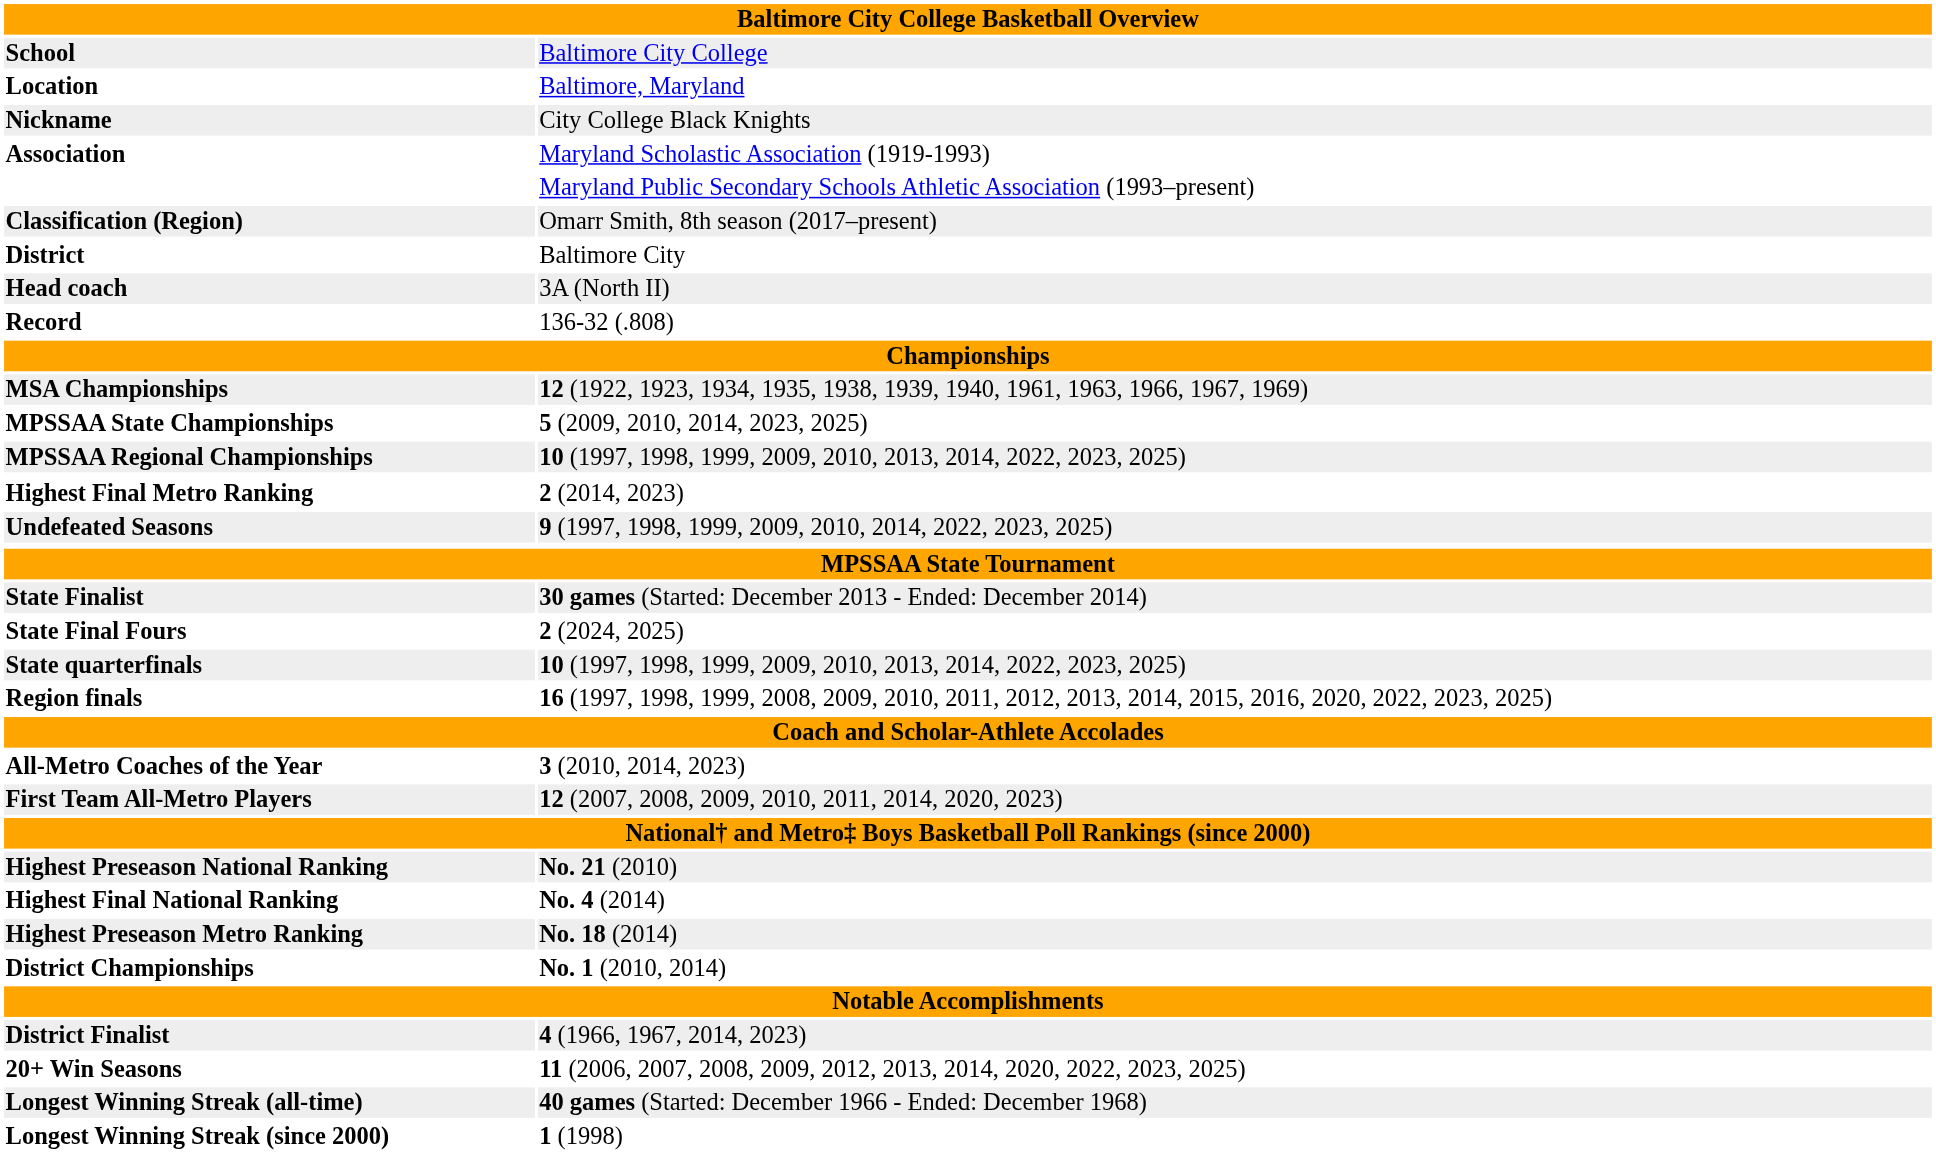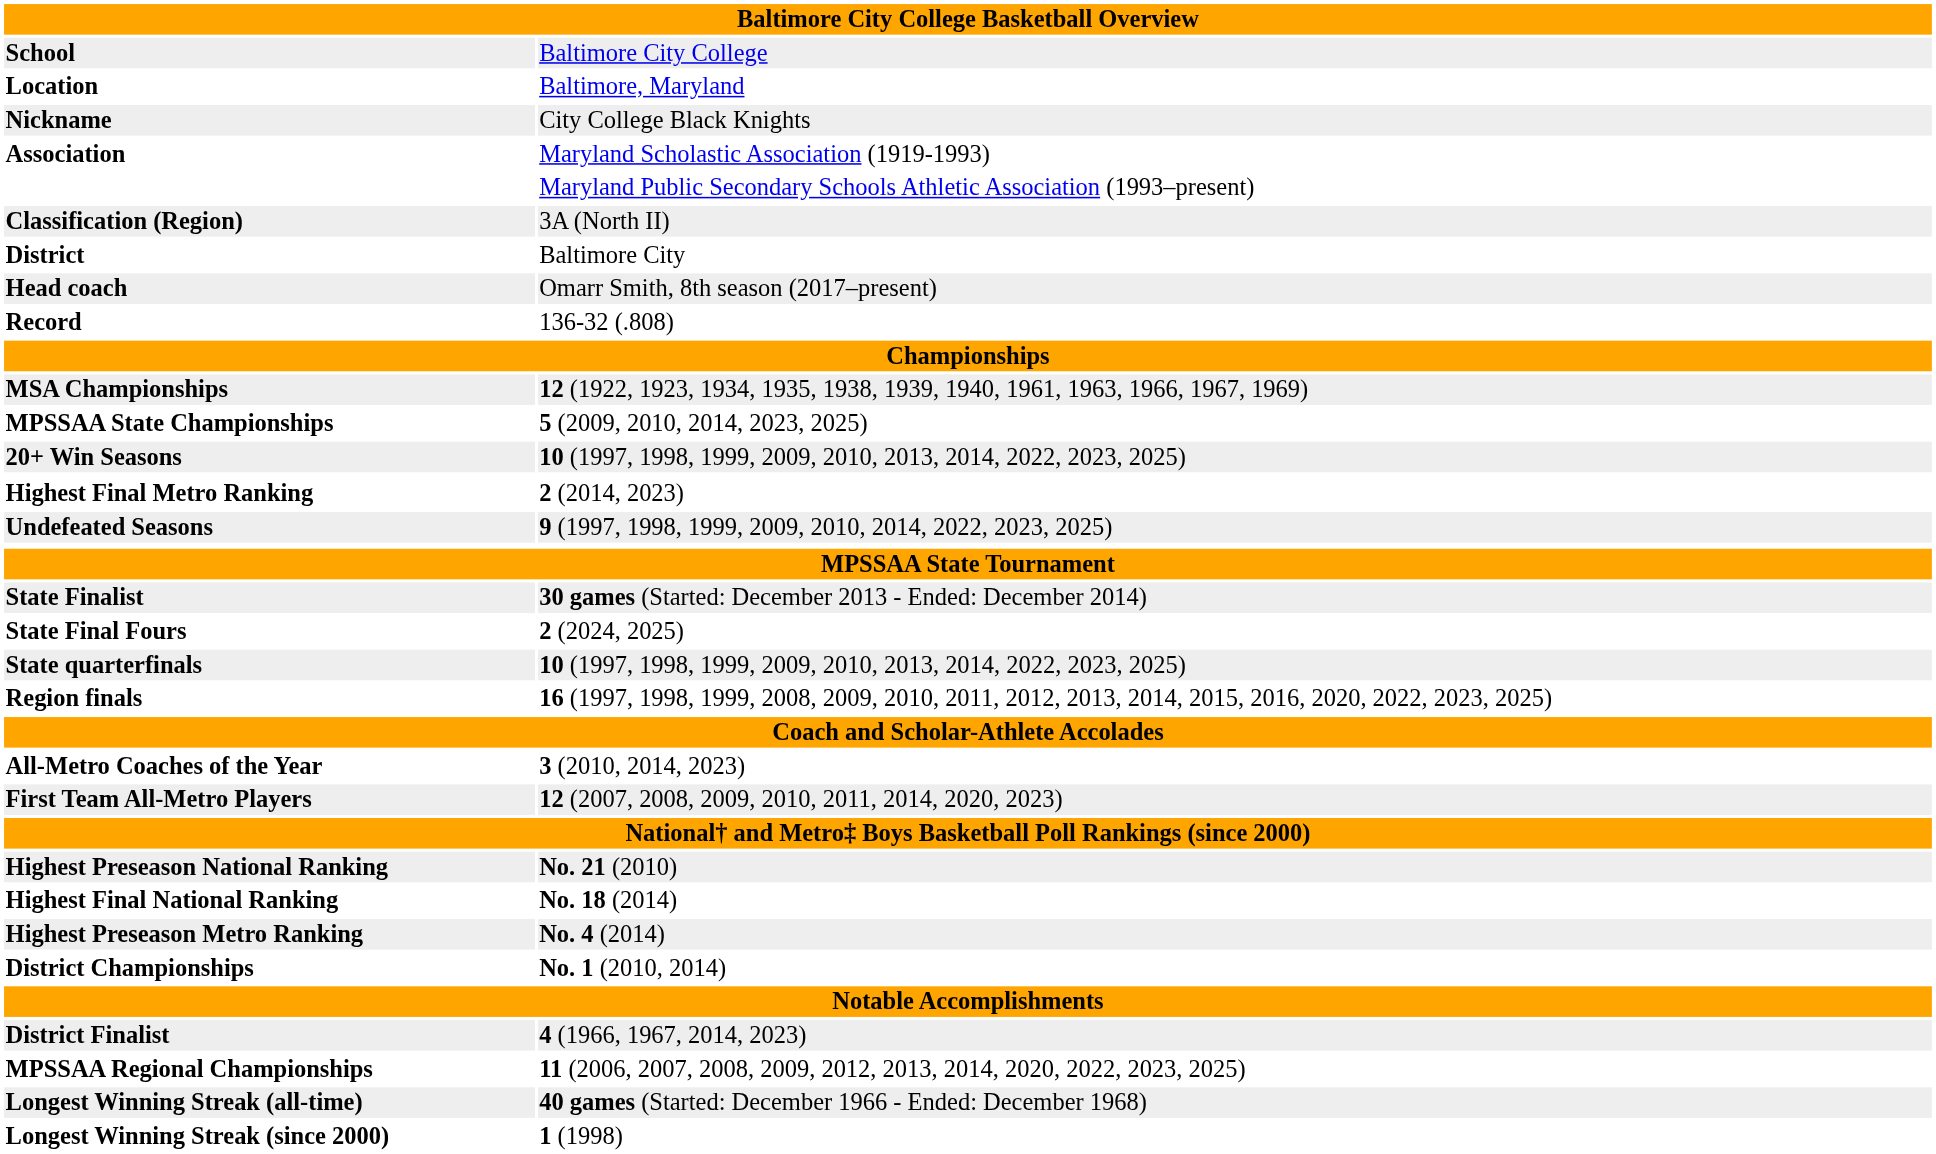 <table width=100% class="toccolours">
 <tr>
 <th colspan=2 bgcolor=orange>Baltimore City College Basketball Overview</th>
 </tr>
 <tr bgcolor=#eeeeee>
 <td><strong>School</strong></td>
 <td><a href='#'>Baltimore City College</a></td>
 </tr>
 <tr>
 <td><strong>Location</strong></td>
 <td><a href='#'>Baltimore, Maryland</a></td>
 </tr>
 <tr bgcolor=#eeeeee>
 <td><strong>Nickname</strong></td>
 <td>City College Black Knights</td>
 </tr>
 <tr>
 <td><strong>Association</strong></td>
 <td><a href='#'>Maryland Scholastic Association</a> (1919-1993)</td>
 </tr>
 <tr>
 <td></td>
 <td><a href='#'>Maryland Public Secondary Schools Athletic Association</a> (1993–present)</td>
 </tr>
 <tr bgcolor=#eeeeee>
 <td><strong>Classification (Region)</strong></td>
-<td>Omarr Smith, 8th season (2017–present)</td>
+<td>3A (North II)</td>
 </tr>
 <tr>
 <td><strong>District</strong></td>
 <td>Baltimore City</td>
 </tr>
 <tr bgcolor=#eeeeee>
 <td><strong>Head coach</strong></td>
-<td>3A (North II)</td>
+<td>Omarr Smith, 8th season (2017–present)</td>
 </tr>
 <tr>
 <td><strong>Record</strong></td>
 <td>136-32 (.808)</td>
 </tr>
 <tr>
 <th colspan=2 bgcolor=orange>Championships</th>
 </tr>
 <tr bgcolor=#eeeeee>
 <td><strong>MSA Championships</strong></td>
 <td><strong>12</strong> (1922, 1923, 1934, 1935, 1938, 1939, 1940, 1961, 1963, 1966, 1967, 1969)</td>
 </tr>
 <tr>
 <td><strong>MPSSAA State Championships</strong></td>
 <td><strong>5</strong> (2009, 2010, 2014, 2023, 2025)</td>
 </tr>
 <tr bgcolor=#eeeeee>
-<td><strong>MPSSAA Regional Championships</strong></td>
+<td><strong>20+ Win Seasons</strong></td>
 <td><strong>10</strong> (1997, 1998, 1999, 2009, 2010, 2013, 2014, 2022, 2023, 2025)</td>
 </tr>
 <tr>
 </tr>
 <tr>
 <td><strong>Highest Final Metro Ranking</strong></td>
 <td><strong>2</strong> (2014, 2023)</td>
 </tr>
 <tr bgcolor=#eeeeee>
 <td><strong>Undefeated Seasons</strong></td>
 <td><strong>9</strong> (1997, 1998, 1999, 2009, 2010, 2014, 2022, 2023, 2025)</td>
 </tr>
 <tr>
 </tr>
 <tr>
 <th colspan=2 bgcolor=orange>MPSSAA State Tournament</th>
 </tr>
 <tr bgcolor=#eeeeee>
 <td><strong>State Finalist</strong></td>
 <td><strong>30 games</strong> (Started: December 2013 - Ended: December 2014)</td>
 </tr>
 <tr>
 <td><strong>State Final Fours</strong></td>
 <td><strong>2</strong> (2024, 2025)</td>
 </tr>
 <tr bgcolor=#eeeeee>
 <td><strong>State quarterfinals</strong></td>
 <td><strong>10</strong> (1997, 1998, 1999, 2009, 2010, 2013, 2014, 2022, 2023, 2025)</td>
 </tr>
 <tr>
 <td><strong>Region finals</strong></td>
 <td><strong>16</strong> (1997, 1998, 1999, 2008, 2009, 2010, 2011, 2012, 2013, 2014, 2015, 2016, 2020, 2022, 2023, 2025)</td>
 </tr>
 <tr>
 <th colspan=2 bgcolor=orange>Coach and Scholar-Athlete Accolades</th>
 </tr>
 <tr>
 <td><strong>All-Metro Coaches of the Year</strong></td>
 <td><strong>3</strong> (2010, 2014, 2023)</td>
 </tr>
 <tr bgcolor=#eeeeee>
 <td><strong>First Team All-Metro Players</strong></td>
 <td><strong>12</strong> (2007, 2008, 2009, 2010, 2011, 2014, 2020, 2023)</td>
 </tr>
 <tr>
 <th colspan=2 bgcolor=orange>National† and Metro‡ Boys Basketball Poll Rankings (since 2000)</th>
 </tr>
 <tr bgcolor=#eeeeee>
 <td><strong>Highest Preseason National Ranking</strong></td>
 <td><strong>No. 21</strong> (2010)</td>
 </tr>
 <tr>
 <td><strong>Highest Final National Ranking</strong></td>
-<td><strong>No. 4</strong> (2014)</td>
+<td><strong>No. 18</strong> (2014)</td>
 </tr>
 <tr bgcolor=#eeeeee>
 <td><strong>Highest Preseason Metro Ranking</strong></td>
-<td><strong>No. 18</strong> (2014)</td>
+<td><strong>No. 4</strong> (2014)</td>
 </tr>
 <tr>
 <td><strong>District Championships</strong></td>
 <td><strong>No. 1</strong> (2010, 2014)</td>
 </tr>
 <tr>
 <th colspan=2 bgcolor=orange>Notable Accomplishments</th>
 </tr>
 <tr bgcolor=#eeeeee>
 <td><strong>District Finalist</strong></td>
 <td><strong>4</strong> (1966, 1967, 2014, 2023)</td>
 </tr>
 <tr>
-<td><strong>20+ Win Seasons</strong></td>
+<td><strong>MPSSAA Regional Championships</strong></td>
 <td><strong>11</strong> (2006, 2007, 2008, 2009, 2012, 2013, 2014, 2020, 2022, 2023, 2025)</td>
 </tr>
 <tr bgcolor=#eeeeee>
 <td><strong>Longest Winning Streak (all-time)</strong></td>
 <td><strong>40 games</strong> (Started: December 1966 - Ended: December 1968)</td>
 </tr>
 <tr>
 <td><strong>Longest Winning Streak (since 2000)</strong></td>
 <td><strong>1</strong> (1998)</td>
 </tr>
 </table>
